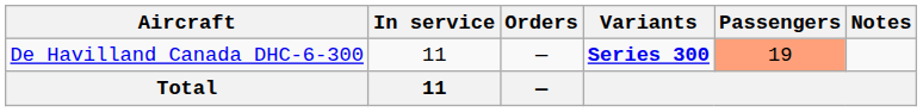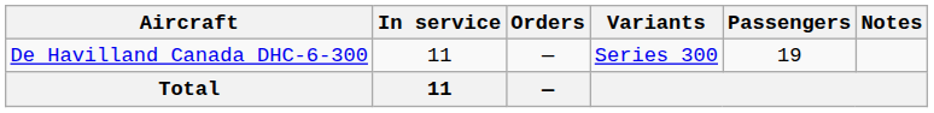 <table class="wikitable" style="border-collapse:collapse;text-align:center;margin:auto;">
 <tr>
 <th>Aircraft</th>
 <th>In service</th>
 <th>Orders</th>
 <th>Variants</th>
 <th>Passengers</th>
 <th>Notes</th>
 </tr>
 <tr>
 <td align=left><a href='#'>De Havilland Canada DHC-6-300</a></td>
 <td>11</td>
 <td>—</td>
-<td align=left><strong><a href='#'>Series 300</a></strong></td>
-<td style="background: lightsalmon;">19</td>
+<td align=left><a href='#'>Series 300</a></td>
+<td>19</td>
 <td align=left></td>
 </tr>
 <tr>
 <th>Total</th>
 <th>11</th>
 <th>—</th>
 <th colspan="3"></th>
 </tr>
 </table>
